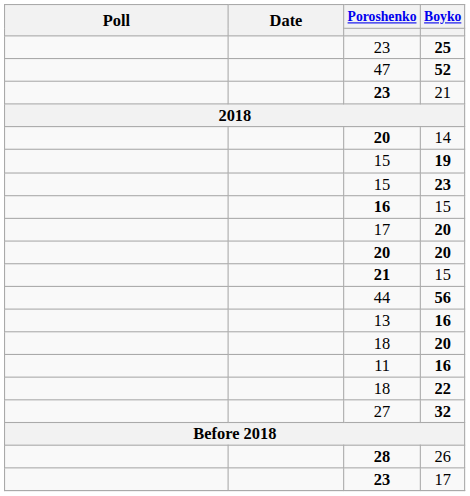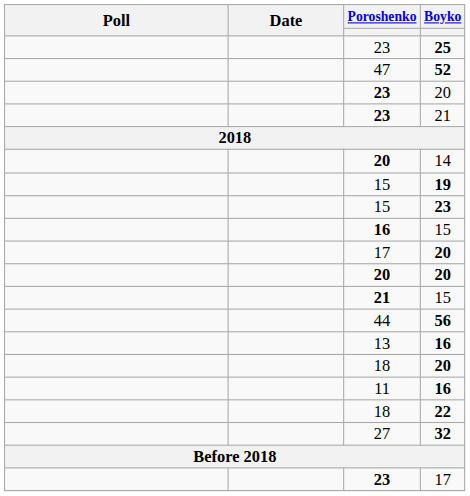 <table class="wikitable" style="text-align:center;font-size:95%;line-height:14px;">
 <tr>
 <th rowspan=2 style="width:200px;">Poll</th>
 <th rowspan=2 style="width:100px;">Date</th>
 <th> <small><a href='#'>Poroshenko</a></small><br></th>
 <th> <small><a href='#'>Boyko</a></small><br></th>
 </tr>
 <tr>
 <th style="background:"></th>
 <th style="background:"></th>
 </tr>
 <tr>
 <td></td>
 <td></td>
 <td>23</td>
 <td style="background-color:#"><strong>25</strong></td>
 </tr>
 <tr>
 <td></td>
 <td></td>
 <td>47</td>
 <td style="background-color:#"><strong>52</strong></td>
+</tr>
+<tr>
+<td></td>
+<td></td>
+<td style="background-color:#"><strong>23</strong></td>
+<td>20</td>
 </tr>
 <tr>
 <td></td>
 <td></td>
 <td style="background-color:#"><strong>23</strong></td>
 <td>21</td>
 </tr>
 <tr>
 <th colspan=4>2018</th>
 </tr>
 <tr>
 <td></td>
 <td></td>
 <td style="background-color:#"><strong>20</strong></td>
 <td>14</td>
 </tr>
 <tr>
 <td></td>
 <td></td>
 <td>15</td>
 <td style="background-color:#"><strong>19</strong></td>
 </tr>
 <tr>
 <td> </td>
 <td></td>
 <td>15</td>
 <td style="background-color:#"><strong>23</strong></td>
 </tr>
 <tr>
 <td></td>
 <td></td>
 <td style="background-color:#"><strong>16</strong></td>
 <td>15</td>
 </tr>
 <tr>
 <td></td>
 <td></td>
 <td>17</td>
 <td style="background-color:#"><strong>20</strong></td>
 </tr>
 <tr>
 <td></td>
 <td></td>
 <td style="background-color:#"><strong>20</strong></td>
 <td style="background-color:#"><strong>20</strong></td>
 </tr>
 <tr>
 <td> </td>
 <td></td>
 <td style="background-color:#"><strong>21</strong></td>
 <td>15</td>
 </tr>
 <tr>
 <td> </td>
 <td></td>
 <td>44</td>
 <td style="background-color:#"><strong>56</strong></td>
 </tr>
 <tr>
 <td></td>
 <td></td>
 <td>13</td>
 <td style="background-color:#"><strong>16</strong></td>
 </tr>
 <tr>
 <td></td>
 <td></td>
 <td>18</td>
 <td style="background-color:#"><strong>20</strong></td>
 </tr>
 <tr>
 <td></td>
 <td></td>
 <td>11</td>
 <td style="background-color:#"><strong>16</strong></td>
 </tr>
 <tr>
 <td></td>
 <td></td>
 <td>18</td>
 <td style="background-color:#"><strong>22</strong></td>
 </tr>
 <tr>
 <td></td>
 <td></td>
 <td>27</td>
 <td style="background-color:#"><strong>32</strong></td>
 </tr>
 <tr>
 <th colspan=4>Before 2018</th>
 </tr>
 <tr>
 <td></td>
 <td></td>
-<td style="background-color:#"><strong>28</strong></td>
-<td>26</td>
-</tr>
-<tr>
-<td></td>
-<td></td>
 <td style="background-color:#"><strong>23</strong></td>
 <td>17</td>
 </tr>
 <tr>
 </tr>
 </table>
